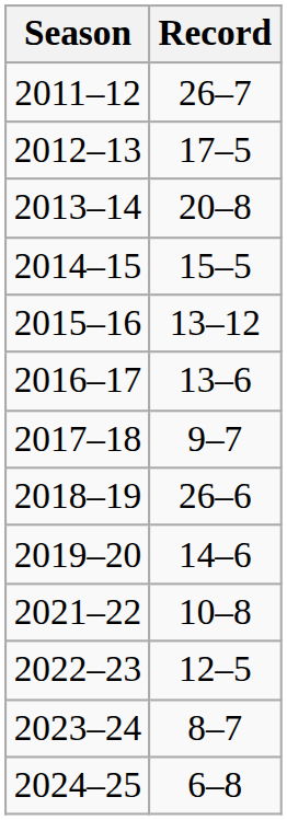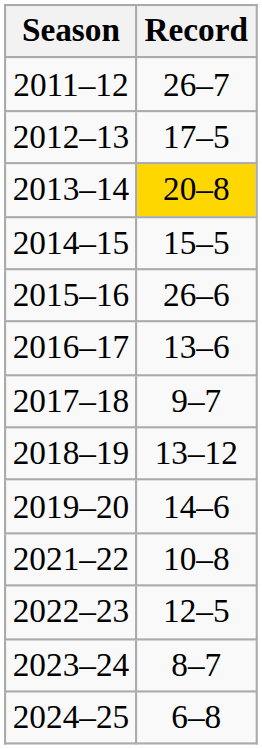 <table class="wikitable">
 <tr>
 <th>Season</th>
 <th>Record</th>
 </tr>
 <tr>
 <td align=center>2011–12</td>
 <td align=center>26–7</td>
 </tr>
 <tr>
 <td align=center>2012–13</td>
 <td align=center>17–5</td>
 </tr>
 <tr>
 <td align=center>2013–14</td>
-<td align=center>20–8</td>
+<td align=center style="background: gold;">20–8</td>
 </tr>
 <tr>
 <td align=center>2014–15</td>
 <td align=center>15–5</td>
 </tr>
 <tr>
 <td align=center>2015–16</td>
-<td align=center>13–12</td>
+<td align=center>26–6</td>
 </tr>
 <tr>
 <td align=center>2016–17</td>
 <td align=center>13–6</td>
 </tr>
 <tr>
 <td align=center>2017–18</td>
 <td align=center>9–7</td>
 </tr>
 <tr>
 <td align=center>2018–19</td>
-<td align=center>26–6</td>
+<td align=center>13–12</td>
 </tr>
 <tr>
 <td align=center>2019–20</td>
 <td align=center>14–6</td>
 </tr>
 <tr>
 <td align=center>2021–22</td>
 <td align=center>10–8</td>
 </tr>
 <tr>
 <td align=center>2022–23</td>
 <td align=center>12–5</td>
 </tr>
 <tr>
 <td align=center>2023–24</td>
 <td align=center>8–7</td>
 </tr>
 <tr>
 <td align=center>2024–25</td>
 <td align=center>6–8</td>
 </tr>
 </table>
